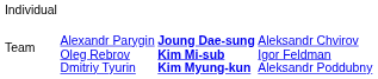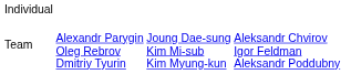 <table>
 <tr>
 <td>Individual<br></td>
 <td></td>
 <td></td>
 <td></td>
 </tr>
 <tr>
 <td>Team<br></td>
 <td><br><a href='#'>Alexandr Parygin</a><br><a href='#'>Oleg Rebrov</a><br><a href='#'>Dmitriy Tyurin</a></td>
-<td><strong><br><a href='#'>Joung Dae-sung</a><br><a href='#'>Kim Mi-sub</a><br><a href='#'>Kim Myung-kun</a></strong></td>
+<td><br><a href='#'>Joung Dae-sung</a><br><a href='#'>Kim Mi-sub</a><br><a href='#'>Kim Myung-kun</a></td>
 <td><br><a href='#'>Aleksandr Chvirov</a><br><a href='#'>Igor Feldman</a><br><a href='#'>Aleksandr Poddubny</a></td>
 </tr>
 </table>
